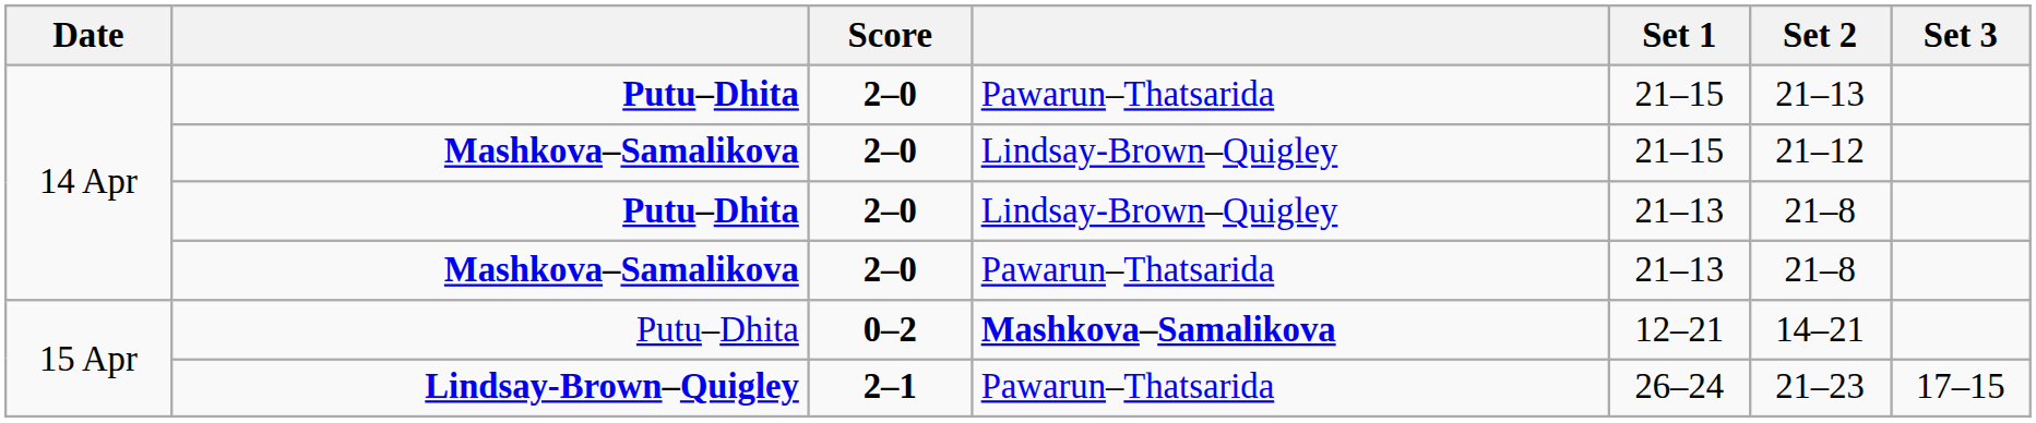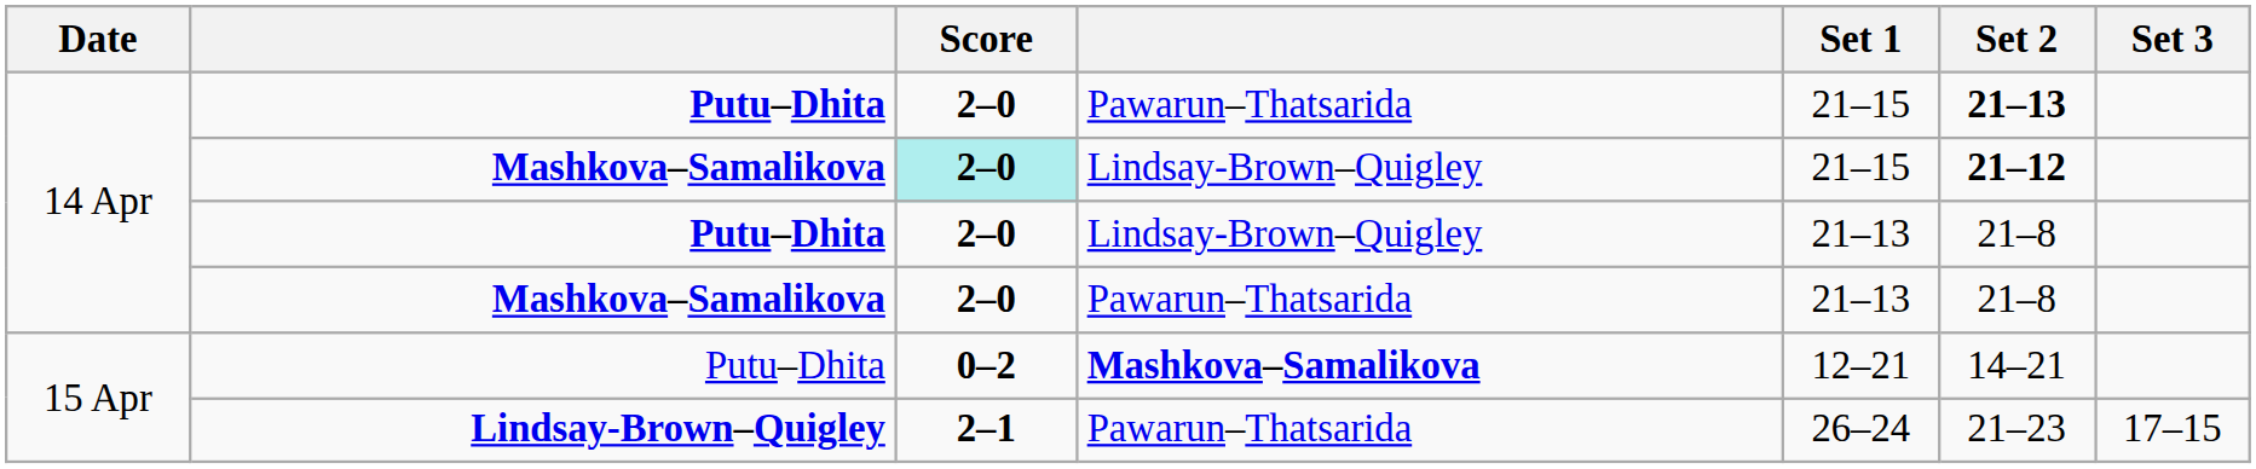 <table class="wikitable" style="text-align: center; font-size:90% ">
 <tr>
 <th width="60">Date</th>
 <th align="right" width="250"></th>
 <th width="60">Score</th>
 <th align="left" width="250"></th>
 <th width="50">Set 1</th>
 <th width="50">Set 2</th>
 <th width="50">Set 3</th>
 </tr>
 <tr>
 <td rowspan=4>14 Apr</td>
 <td align=right><strong><a href='#'>Putu</a>–<a href='#'>Dhita</a> </strong></td>
 <td align=center><strong>2–0</strong></td>
 <td align=left> <a href='#'>Pawarun</a>–<a href='#'>Thatsarida</a></td>
 <td>21–15</td>
-<td>21–13</td>
+<td><strong>21–13</strong></td>
 <td></td>
 </tr>
 <tr>
 <td align=right><strong><a href='#'>Mashkova</a>–<a href='#'>Samalikova</a> </strong></td>
-<td align=center><strong>2–0</strong></td>
+<td align=center style="background: paleturquoise;"><strong>2–0</strong></td>
 <td align=left> <a href='#'>Lindsay-Brown</a>–<a href='#'>Quigley</a></td>
 <td>21–15</td>
-<td>21–12</td>
+<td><strong>21–12</strong></td>
 <td></td>
 </tr>
 <tr>
 <td align=right><strong><a href='#'>Putu</a>–<a href='#'>Dhita</a> </strong></td>
 <td align=center><strong>2–0</strong></td>
 <td align=left> <a href='#'>Lindsay-Brown</a>–<a href='#'>Quigley</a></td>
 <td>21–13</td>
 <td>21–8</td>
 <td></td>
 </tr>
 <tr>
 <td align=right><strong><a href='#'>Mashkova</a>–<a href='#'>Samalikova</a> </strong></td>
 <td align=center><strong>2–0</strong></td>
 <td align=left> <a href='#'>Pawarun</a>–<a href='#'>Thatsarida</a></td>
 <td>21–13</td>
 <td>21–8</td>
 <td></td>
 </tr>
 <tr>
 <td rowspan=2>15 Apr</td>
 <td align=right><a href='#'>Putu</a>–<a href='#'>Dhita</a> </td>
 <td align=center><strong>0–2</strong></td>
 <td align=left><strong> <a href='#'>Mashkova</a>–<a href='#'>Samalikova</a></strong></td>
 <td>12–21</td>
 <td>14–21</td>
 <td></td>
 </tr>
 <tr>
 <td align=right><strong><a href='#'>Lindsay-Brown</a>–<a href='#'>Quigley</a> </strong></td>
 <td align=center><strong>2–1</strong></td>
 <td align=left> <a href='#'>Pawarun</a>–<a href='#'>Thatsarida</a></td>
 <td>26–24</td>
 <td>21–23</td>
 <td>17–15</td>
 </tr>
 </table>
